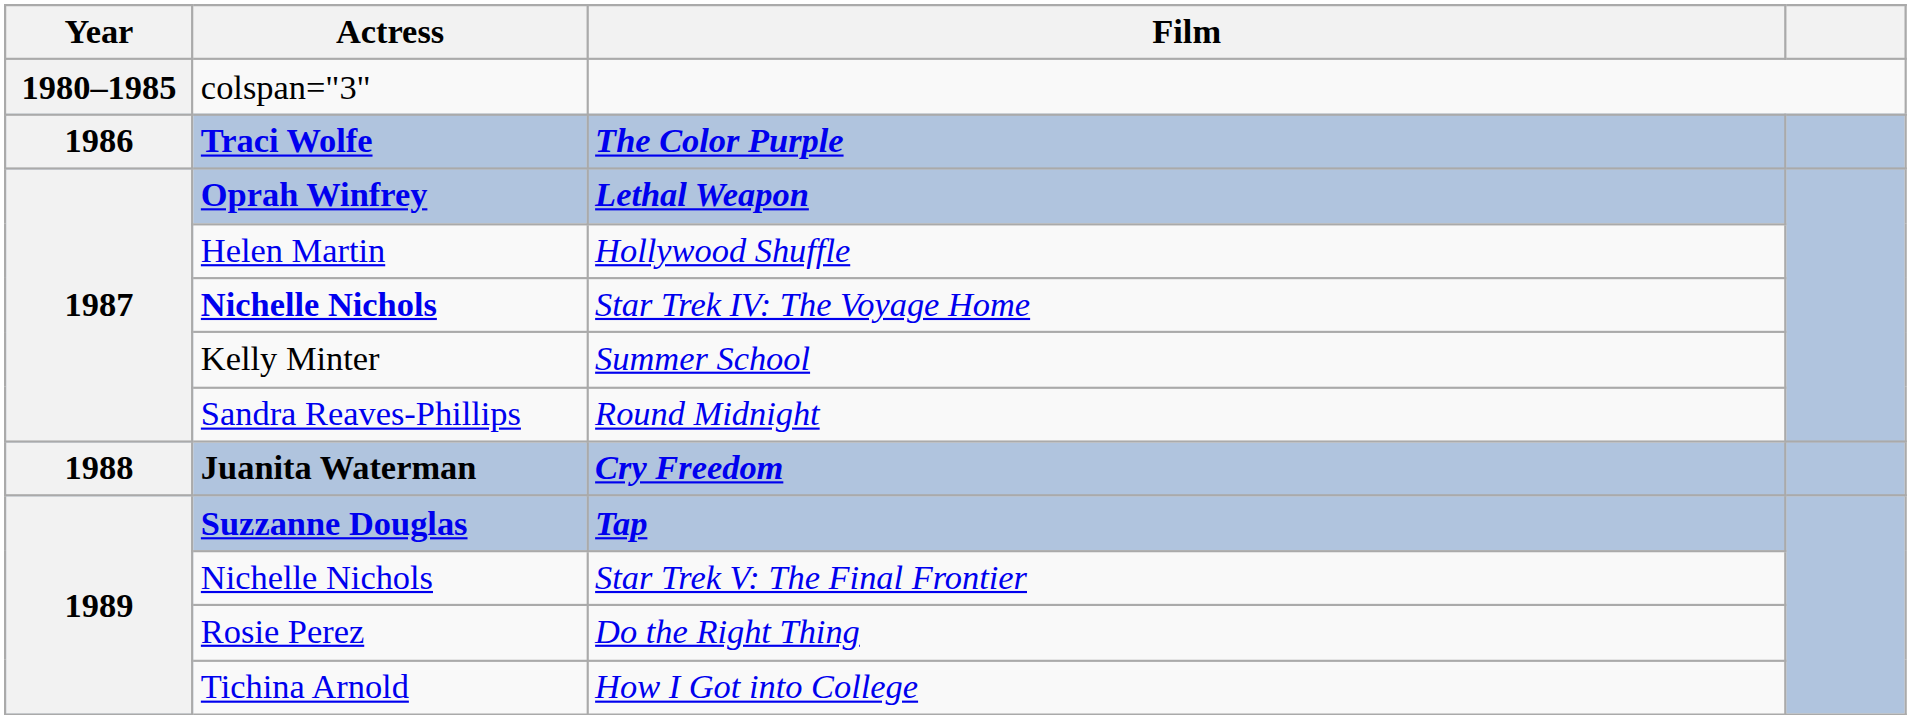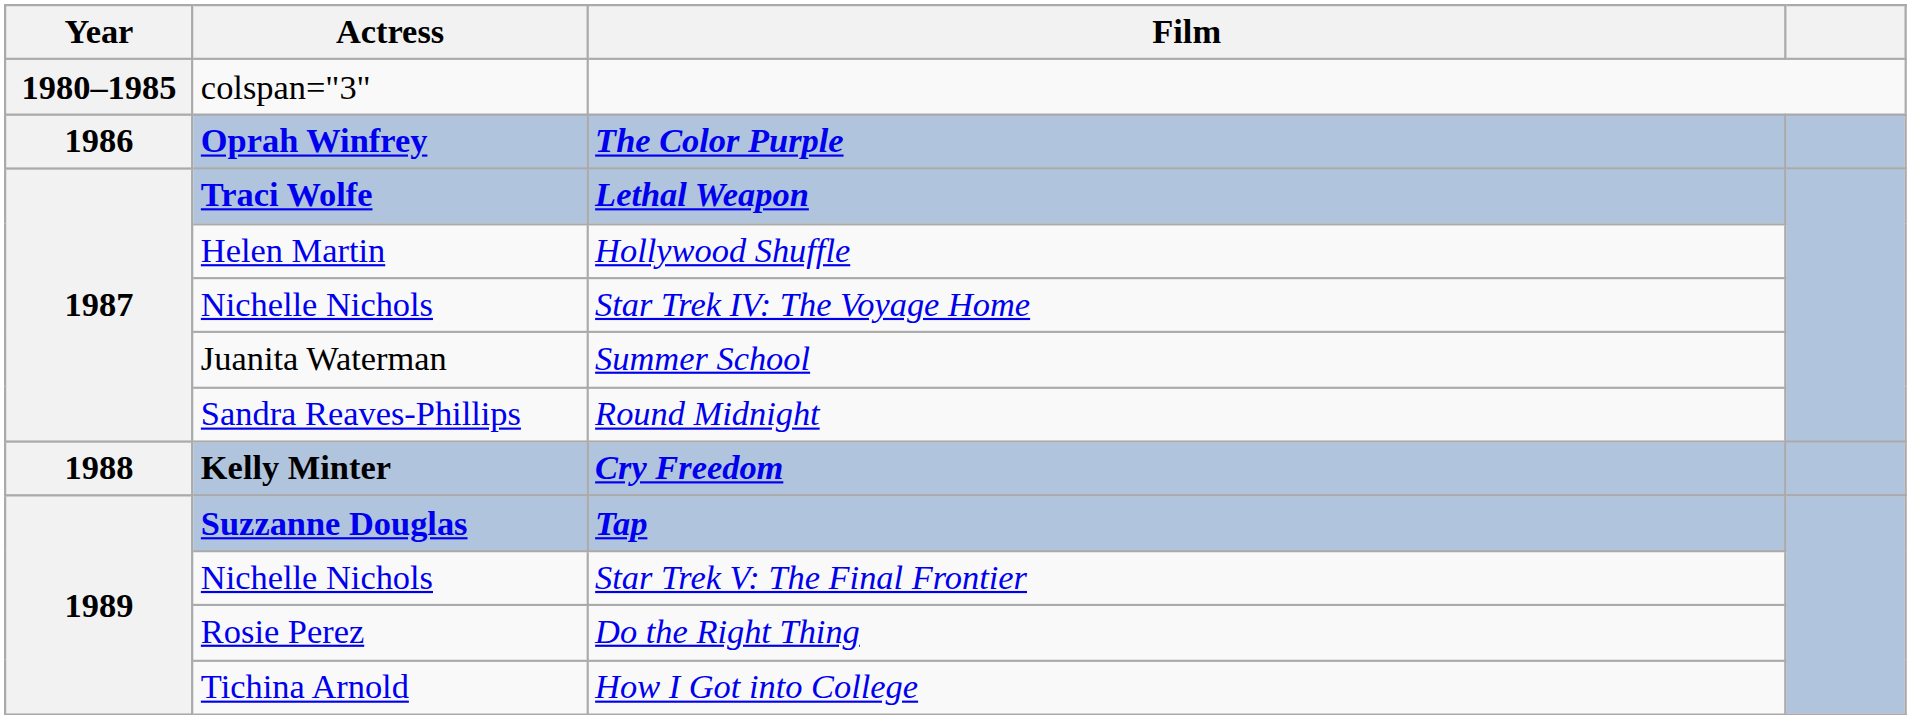 <table class="wikitable" style="width:70%;">
 <tr style="background:#bebebe;">
 <th scope="col" style="width:5em;">Year</th>
 <th scope="col" style="width:11em;">Actress</th>
 <th scope="col">Film</th>
 <th scope="col" style="width:3em;"></th>
 </tr>
 <tr>
 <th scope="row">1980–1985</th>
 <td>colspan="3" </td>
 </tr>
 <tr style="background:#B0C4DE; font-weight:bold;">
 <th scope="row">1986</th>
-<td><a href='#'>Traci Wolfe</a></td>
+<td><a href='#'>Oprah Winfrey</a></td>
 <td><em><a href='#'>The Color Purple</a></em></td>
 <td style="text-align:center;"></td>
 </tr>
 <tr style="background:#B0C4DE; font-weight:bold;">
 <th scope="row" rowspan="5">1987</th>
-<td><a href='#'>Oprah Winfrey</a></td>
+<td><a href='#'>Traci Wolfe</a></td>
 <td><em><a href='#'>Lethal Weapon</a></em></td>
 <td rowspan="5" style="text-align:center;"></td>
 </tr>
 <tr>
 <td><a href='#'>Helen Martin</a></td>
 <td><em><a href='#'>Hollywood Shuffle</a></em></td>
 </tr>
 <tr>
-<td><strong><a href='#'>Nichelle Nichols</a></strong></td>
+<td><a href='#'>Nichelle Nichols</a></td>
 <td><em><a href='#'>Star Trek IV: The Voyage Home</a></em></td>
 </tr>
 <tr>
-<td>Kelly Minter</td>
+<td>Juanita Waterman</td>
 <td><em><a href='#'>Summer School</a></em></td>
 </tr>
 <tr>
 <td><a href='#'>Sandra Reaves-Phillips</a></td>
 <td><em><a href='#'>Round Midnight</a></em></td>
 </tr>
 <tr style="background:#B0C4DE; font-weight:bold;">
 <th scope="row">1988</th>
-<td>Juanita Waterman</td>
+<td>Kelly Minter</td>
 <td><em><a href='#'>Cry Freedom</a></em></td>
 <td style="text-align:center;"></td>
 </tr>
 <tr style="background:#B0C4DE; font-weight:bold;">
 <th scope="row" rowspan="4" style="text-align:center;">1989</th>
 <td><a href='#'>Suzzanne Douglas</a></td>
 <td><em><a href='#'>Tap</a></em></td>
 <td rowspan="4" style="text-align:center;"></td>
 </tr>
 <tr>
 <td><a href='#'>Nichelle Nichols</a></td>
 <td><em><a href='#'>Star Trek V: The Final Frontier</a></em></td>
 </tr>
 <tr>
 <td><a href='#'>Rosie Perez</a></td>
 <td><em><a href='#'>Do the Right Thing</a></em></td>
 </tr>
 <tr>
 <td><a href='#'>Tichina Arnold</a></td>
 <td><em><a href='#'>How I Got into College</a></em></td>
 </tr>
 </table>
